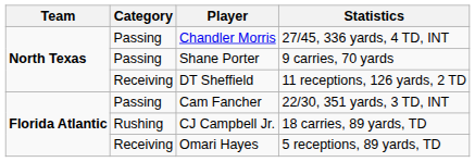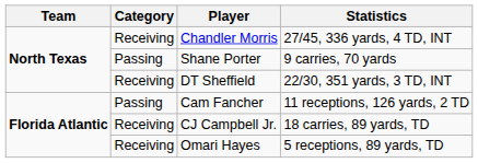 <table class="wikitable" style="float: right;">
 <tr>
 <th>Team</th>
 <th>Category</th>
 <th>Player</th>
 <th>Statistics</th>
 </tr>
 <tr>
 <td rowspan=3><strong>North Texas</strong></td>
-<td>Passing</td>
+<td>Receiving</td>
 <td><a href='#'>Chandler Morris</a></td>
 <td>27/45, 336 yards, 4 TD, INT</td>
 </tr>
 <tr>
 <td>Passing</td>
 <td>Shane Porter</td>
 <td>9 carries, 70 yards</td>
 </tr>
 <tr>
 <td>Receiving</td>
 <td>DT Sheffield</td>
-<td>11 receptions, 126 yards, 2 TD</td>
+<td>22/30, 351 yards, 3 TD, INT</td>
 </tr>
 <tr>
 <td rowspan=3><strong>Florida Atlantic</strong></td>
 <td>Passing</td>
 <td>Cam Fancher</td>
-<td>22/30, 351 yards, 3 TD, INT</td>
+<td>11 receptions, 126 yards, 2 TD</td>
 </tr>
 <tr>
-<td>Rushing</td>
+<td>Receiving</td>
 <td>CJ Campbell Jr.</td>
 <td>18 carries, 89 yards, TD</td>
 </tr>
 <tr>
 <td>Receiving</td>
 <td>Omari Hayes</td>
 <td>5 receptions, 89 yards, TD</td>
 </tr>
 </table>
